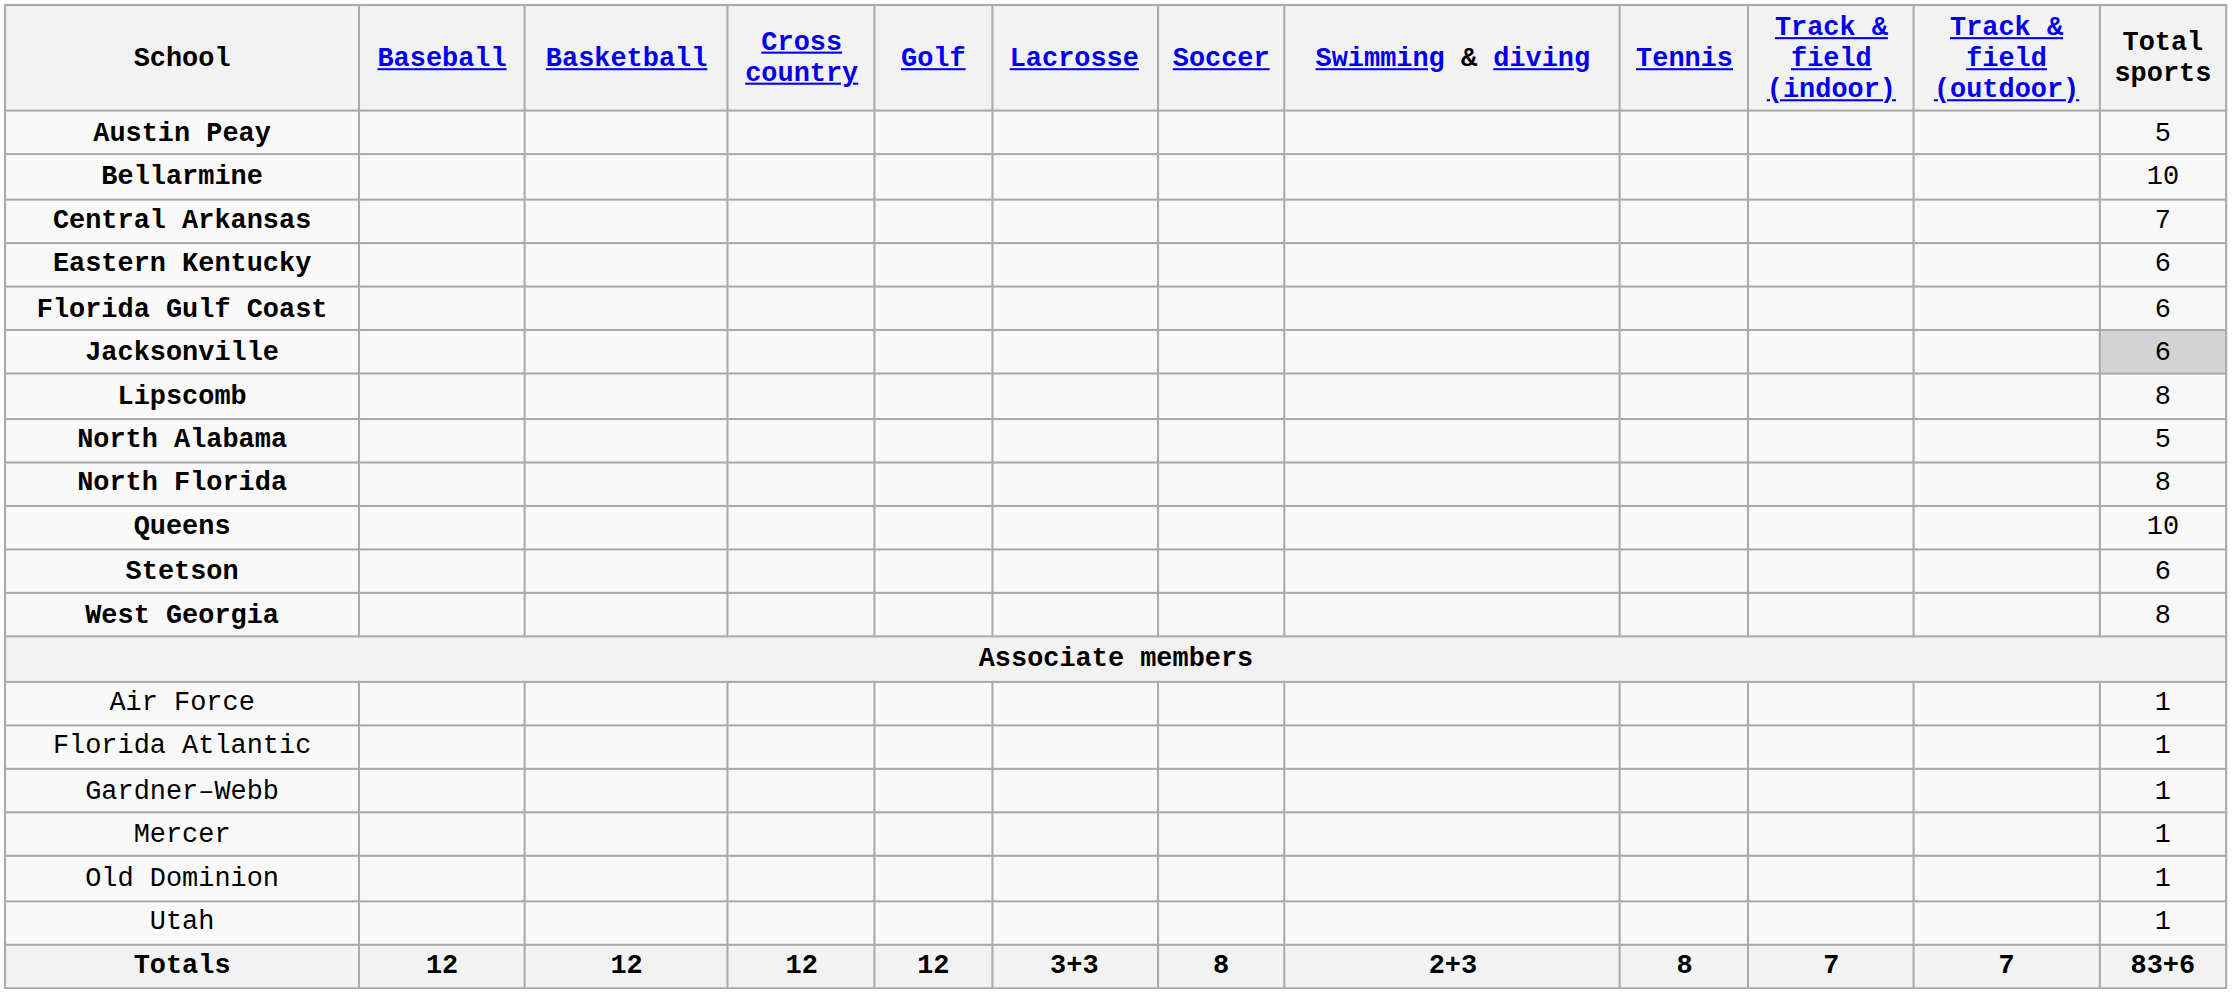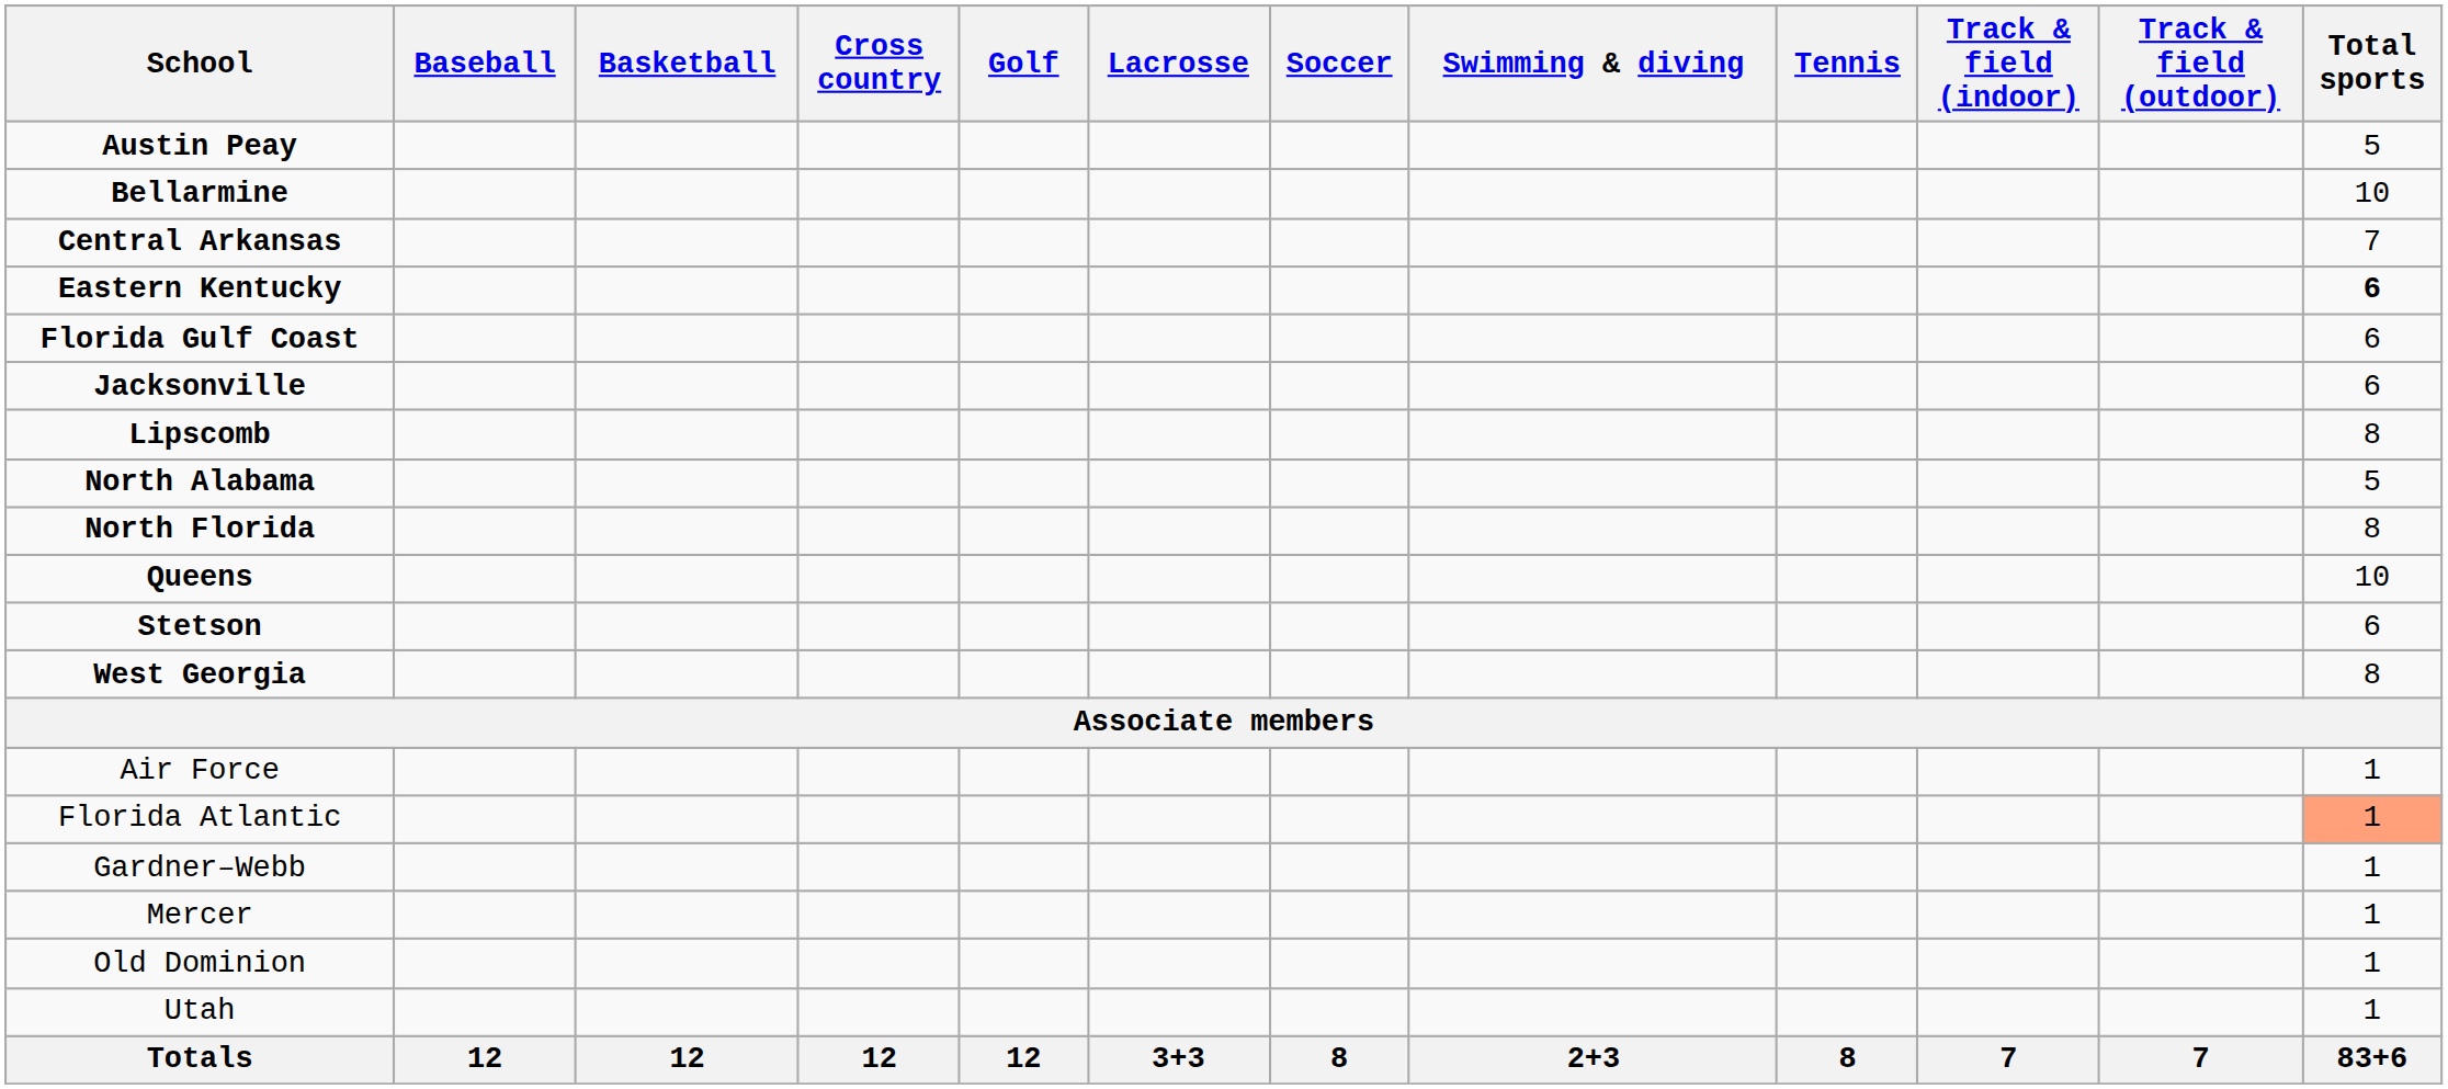 <table class="wikitable sortable" style="text-align:center; width:85%">
 <tr style="text-align:center">
 <th>School</th>
 <th><a href='#'>Baseball</a></th>
 <th><a href='#'>Basketball</a></th>
 <th><a href='#'>Cross<br>country</a></th>
 <th width=50px><a href='#'>Golf</a></th>
 <th><a href='#'>Lacrosse</a></th>
 <th><a href='#'>Soccer</a></th>
 <th><a href='#'>Swimming</a> & <a href='#'>diving</a></th>
 <th><a href='#'>Tennis</a></th>
 <th><a href='#'>Track &<br>field<br>(indoor)</a></th>
 <th><a href='#'>Track &<br>field<br>(outdoor)</a></th>
 <th>Total<br>sports</th>
 </tr>
 <tr align=center>
 <td><strong>Austin Peay</strong></td>
 <td></td>
 <td></td>
 <td></td>
 <td></td>
 <td></td>
 <td></td>
 <td></td>
 <td></td>
 <td></td>
 <td></td>
 <td>5</td>
 </tr>
 <tr align=center>
 <td><strong>Bellarmine</strong></td>
 <td></td>
 <td></td>
 <td></td>
 <td></td>
 <td></td>
 <td></td>
 <td></td>
 <td></td>
 <td></td>
 <td></td>
 <td>10</td>
 </tr>
 <tr align=center>
 <td><strong>Central Arkansas</strong></td>
 <td></td>
 <td></td>
 <td></td>
 <td></td>
 <td></td>
 <td></td>
 <td></td>
 <td></td>
 <td></td>
 <td></td>
 <td>7</td>
 </tr>
 <tr align=center>
 <td><strong>Eastern Kentucky</strong></td>
 <td></td>
 <td></td>
 <td></td>
 <td></td>
 <td></td>
 <td></td>
 <td></td>
 <td></td>
 <td></td>
 <td></td>
-<td>6</td>
+<td><strong>6</strong></td>
 </tr>
 <tr align=center>
 <td><strong>Florida Gulf Coast</strong></td>
 <td></td>
 <td></td>
 <td></td>
 <td></td>
 <td></td>
 <td></td>
 <td></td>
 <td></td>
 <td></td>
 <td></td>
 <td>6</td>
 </tr>
 <tr align=center>
 <td><strong>Jacksonville</strong></td>
 <td></td>
 <td></td>
 <td></td>
 <td></td>
 <td></td>
 <td></td>
 <td></td>
 <td></td>
 <td></td>
 <td></td>
-<td style="background: lightgrey;">6</td>
+<td>6</td>
 </tr>
 <tr align=center>
 <td><strong>Lipscomb</strong></td>
 <td></td>
 <td></td>
 <td></td>
 <td></td>
 <td></td>
 <td></td>
 <td></td>
 <td></td>
 <td></td>
 <td></td>
 <td>8</td>
 </tr>
 <tr align=center>
 <td><strong>North Alabama</strong></td>
 <td></td>
 <td></td>
 <td></td>
 <td></td>
 <td></td>
 <td></td>
 <td></td>
 <td></td>
 <td></td>
 <td></td>
 <td>5</td>
 </tr>
 <tr align=center>
 <td><strong>North Florida</strong></td>
 <td></td>
 <td></td>
 <td></td>
 <td></td>
 <td></td>
 <td></td>
 <td></td>
 <td></td>
 <td></td>
 <td></td>
 <td>8</td>
 </tr>
 <tr align=center>
 <td><strong>Queens</strong></td>
 <td></td>
 <td></td>
 <td></td>
 <td></td>
 <td></td>
 <td></td>
 <td></td>
 <td></td>
 <td></td>
 <td></td>
 <td>10</td>
 </tr>
 <tr align=center>
 <td><strong>Stetson</strong></td>
 <td></td>
 <td></td>
 <td></td>
 <td></td>
 <td></td>
 <td></td>
 <td></td>
 <td></td>
 <td></td>
 <td></td>
 <td>6</td>
 </tr>
 <tr align=center>
 <td><strong>West Georgia</strong></td>
 <td></td>
 <td></td>
 <td></td>
 <td></td>
 <td></td>
 <td></td>
 <td></td>
 <td></td>
 <td></td>
 <td></td>
 <td>8</td>
 </tr>
 <tr>
 <th colspan=12>Associate members</th>
 </tr>
 <tr align=center>
 <td>Air Force</td>
 <td></td>
 <td></td>
 <td></td>
 <td></td>
 <td></td>
 <td></td>
 <td></td>
 <td></td>
 <td></td>
 <td></td>
 <td>1</td>
 </tr>
 <tr align=center>
 <td>Florida Atlantic</td>
 <td></td>
 <td></td>
 <td></td>
 <td></td>
 <td></td>
 <td></td>
 <td></td>
 <td></td>
 <td></td>
 <td></td>
-<td>1</td>
+<td style="background: lightsalmon;">1</td>
 </tr>
 <tr align=center>
 <td>Gardner–Webb</td>
 <td></td>
 <td></td>
 <td></td>
 <td></td>
 <td></td>
 <td></td>
 <td></td>
 <td></td>
 <td></td>
 <td></td>
 <td>1</td>
 </tr>
 <tr align=center>
 <td>Mercer</td>
 <td></td>
 <td></td>
 <td></td>
 <td></td>
 <td></td>
 <td></td>
 <td></td>
 <td></td>
 <td></td>
 <td></td>
 <td>1</td>
 </tr>
 <tr align=center>
 <td>Old Dominion</td>
 <td></td>
 <td></td>
 <td></td>
 <td></td>
 <td></td>
 <td></td>
 <td></td>
 <td></td>
 <td></td>
 <td></td>
 <td>1</td>
 </tr>
 <tr align=center>
 <td>Utah</td>
 <td></td>
 <td></td>
 <td></td>
 <td></td>
 <td></td>
 <td></td>
 <td></td>
 <td></td>
 <td></td>
 <td></td>
 <td>1<br></td>
 </tr>
 <tr align=center>
 <th>Totals</th>
 <th>12</th>
 <th>12</th>
 <th>12</th>
 <th>12</th>
 <th>3+3</th>
 <th>8</th>
 <th>2+3</th>
 <th>8</th>
 <th>7</th>
 <th>7</th>
 <th>83+6</th>
 </tr>
 </table>
